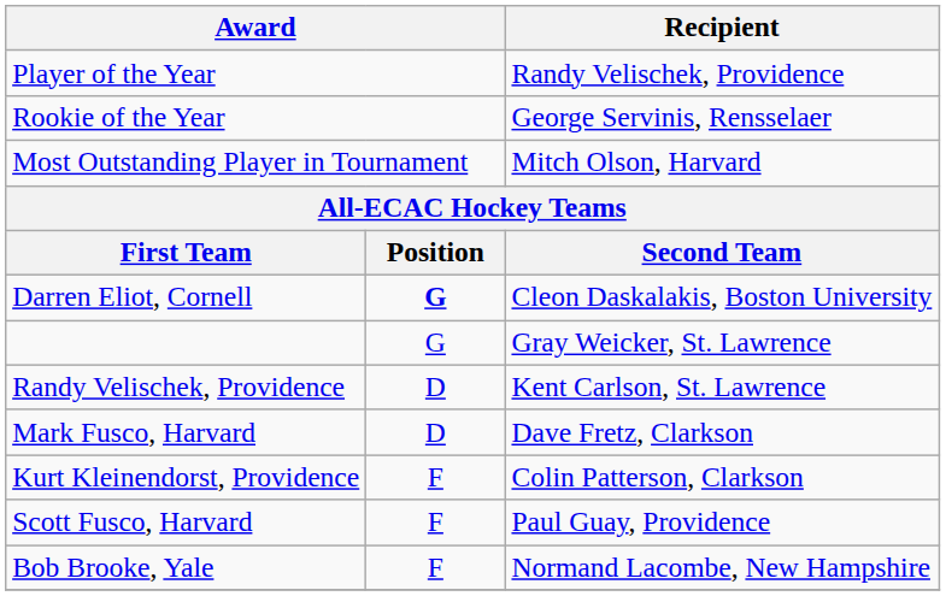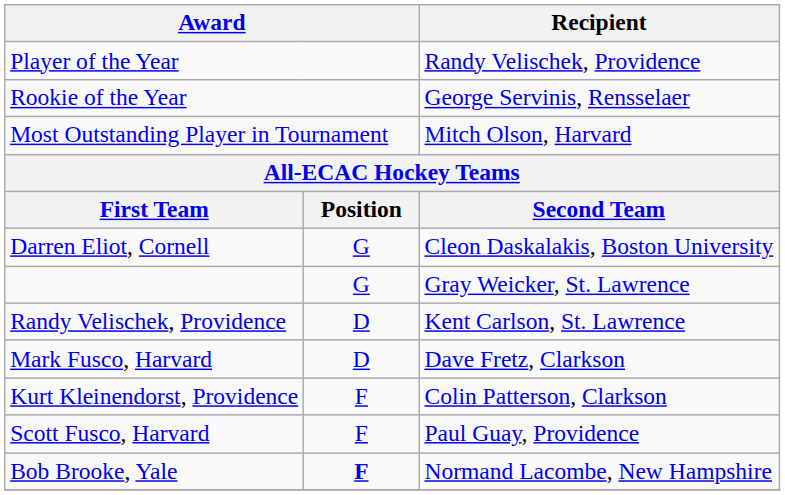 <table class="wikitable">
 <tr>
 <th colspan=2><a href='#'>Award</a></th>
 <th>Recipient</th>
 </tr>
 <tr>
 <td colspan=2><a href='#'>Player of the Year</a></td>
 <td><a href='#'>Randy Velischek</a>, <a href='#'>Providence</a></td>
 </tr>
 <tr>
 <td colspan=2><a href='#'>Rookie of the Year</a></td>
 <td><a href='#'>George Servinis</a>, <a href='#'>Rensselaer</a></td>
 </tr>
 <tr>
 <td colspan=2><a href='#'>Most Outstanding Player in Tournament</a></td>
 <td><a href='#'>Mitch Olson</a>, <a href='#'>Harvard</a></td>
 </tr>
 <tr>
 <th colspan=3><a href='#'>All-ECAC Hockey Teams</a></th>
 </tr>
 <tr>
 <th><a href='#'>First Team</a></th>
 <th>  Position  </th>
 <th><a href='#'>Second Team</a></th>
 </tr>
 <tr>
 <td><a href='#'>Darren Eliot</a>, <a href='#'>Cornell</a></td>
-<td align=center><strong><a href='#'>G</a></strong></td>
+<td align=center><a href='#'>G</a></td>
 <td><a href='#'>Cleon Daskalakis</a>, <a href='#'>Boston University</a></td>
 </tr>
 <tr>
 <td></td>
 <td align=center><a href='#'>G</a></td>
 <td><a href='#'>Gray Weicker</a>, <a href='#'>St. Lawrence</a></td>
 </tr>
 <tr>
 <td><a href='#'>Randy Velischek</a>, <a href='#'>Providence</a></td>
 <td align=center><a href='#'>D</a></td>
 <td><a href='#'>Kent Carlson</a>, <a href='#'>St. Lawrence</a></td>
 </tr>
 <tr>
 <td><a href='#'>Mark Fusco</a>, <a href='#'>Harvard</a></td>
 <td align=center><a href='#'>D</a></td>
 <td><a href='#'>Dave Fretz</a>, <a href='#'>Clarkson</a></td>
 </tr>
 <tr>
 <td><a href='#'>Kurt Kleinendorst</a>, <a href='#'>Providence</a></td>
 <td align=center><a href='#'>F</a></td>
 <td><a href='#'>Colin Patterson</a>, <a href='#'>Clarkson</a></td>
 </tr>
 <tr>
 <td><a href='#'>Scott Fusco</a>, <a href='#'>Harvard</a></td>
 <td align=center><a href='#'>F</a></td>
 <td><a href='#'>Paul Guay</a>, <a href='#'>Providence</a></td>
 </tr>
 <tr>
 <td><a href='#'>Bob Brooke</a>, <a href='#'>Yale</a></td>
-<td align=center><a href='#'>F</a></td>
+<td align=center><strong><a href='#'>F</a></strong></td>
 <td><a href='#'>Normand Lacombe</a>, <a href='#'>New Hampshire</a></td>
 </tr>
 <tr>
 </tr>
 </table>
